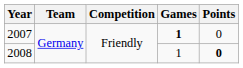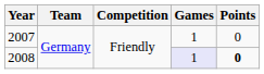 <table class="wikitable">
 <tr>
 <th>Year</th>
 <th>Team</th>
 <th>Competition</th>
 <th>Games</th>
 <th>Points</th>
 </tr>
 <tr align="center">
 <td>2007</td>
 <td rowspan=2><a href='#'>Germany</a></td>
 <td rowspan=2>Friendly</td>
-<td><strong>1</strong></td>
+<td>1</td>
 <td>0</td>
 </tr>
 <tr align="center">
 <td>2008</td>
-<td>1</td>
+<td style="background: lavender;">1</td>
 <td><strong>0</strong></td>
 </tr>
 </table>
